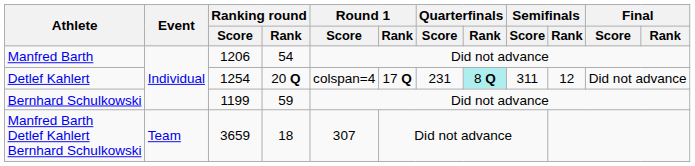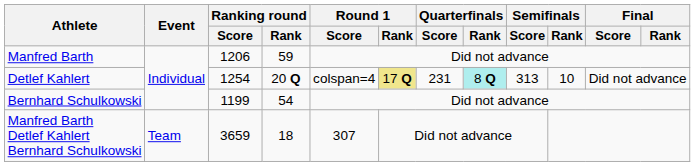 <table class="wikitable" style="font-size:90%">
 <tr>
 <th rowspan=2>Athlete</th>
 <th rowspan=2>Event</th>
 <th colspan="2">Ranking round</th>
 <th colspan="2">Round 1</th>
 <th colspan="2">Quarterfinals</th>
 <th colspan="2">Semifinals</th>
 <th colspan="2">Final</th>
 </tr>
 <tr style="font-size:95%">
 <th>Score</th>
 <th>Rank</th>
 <th>Score</th>
 <th>Rank</th>
 <th>Score</th>
 <th>Rank</th>
 <th>Score</th>
 <th>Rank</th>
 <th>Score</th>
 <th>Rank</th>
 </tr>
 <tr align=center>
 <td align=left><a href='#'>Manfred Barth</a></td>
 <td align=left rowspan=3><a href='#'>Individual</a></td>
 <td>1206</td>
-<td>54</td>
+<td>59</td>
 <td colspan=8>Did not advance</td>
 </tr>
 <tr align=center>
 <td align=left><a href='#'>Detlef Kahlert</a></td>
 <td>1254</td>
 <td>20 <strong>Q</strong></td>
 <td>colspan=4</td>
-<td>17 <strong>Q</strong></td>
+<td style="background: khaki;">17 <strong>Q</strong></td>
 <td>231</td>
 <td style="background: paleturquoise;">8 <strong>Q</strong></td>
-<td>311</td>
-<td>12</td>
+<td>313</td>
+<td>10</td>
 <td colspan=2>Did not advance</td>
 </tr>
 <tr align=center>
 <td align=left><a href='#'>Bernhard Schulkowski</a></td>
 <td>1199</td>
-<td>59</td>
+<td>54</td>
 <td colspan=8>Did not advance</td>
 </tr>
 <tr align=center>
 <td align=left><a href='#'>Manfred Barth</a><br><a href='#'>Detlef Kahlert</a><br><a href='#'>Bernhard Schulkowski</a></td>
 <td align=left><a href='#'>Team</a></td>
 <td>3659</td>
 <td>18</td>
 <td>307</td>
 <td colspan=4>Did not advance</td>
 </tr>
 </table>
